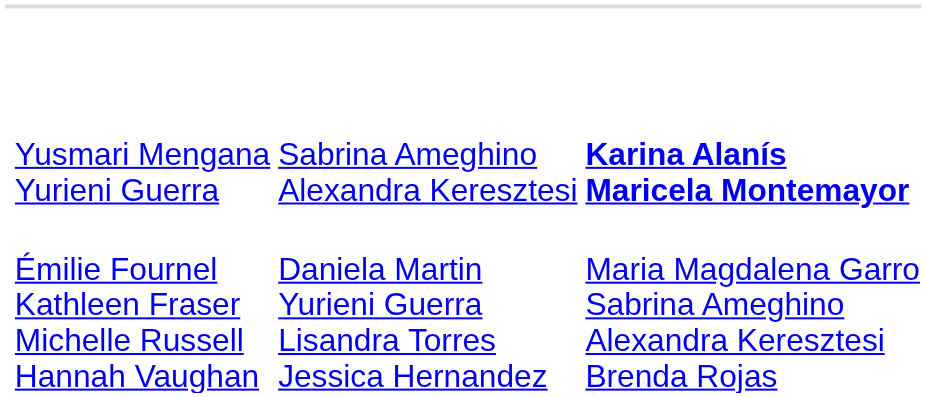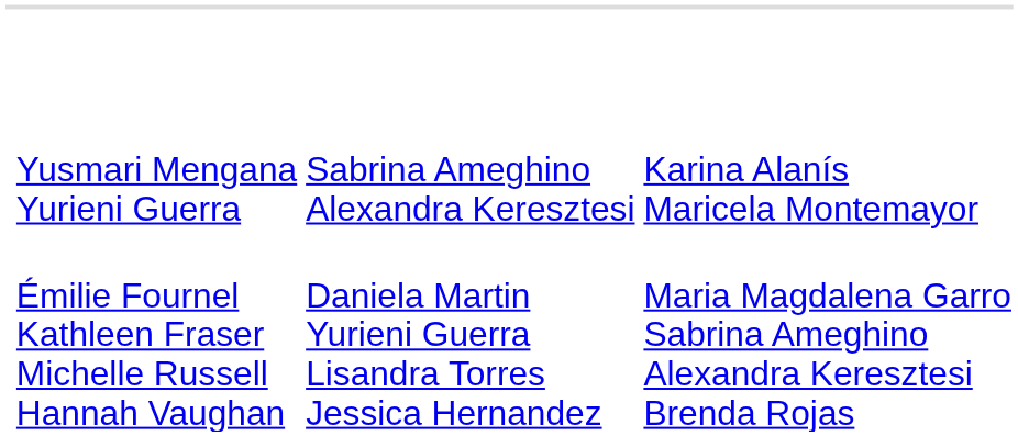 <table>
 <tr>
 <td><br></td>
 <td></td>
 <td></td>
 <td></td>
 </tr>
 <tr bgcolor=#DDDDDD>
 <td colspan=7></td>
 </tr>
 <tr>
 <td><br></td>
 <td></td>
 <td></td>
 <td></td>
 </tr>
 <tr>
 <td><br></td>
 <td></td>
 <td></td>
 <td></td>
 </tr>
 <tr>
 <td><br></td>
 <td><br><a href='#'>Yusmari Mengana</a><br><a href='#'>Yurieni Guerra</a></td>
 <td><br><a href='#'>Sabrina Ameghino</a><br><a href='#'>Alexandra Keresztesi</a></td>
-<td><strong><br><a href='#'>Karina Alanís</a><br><a href='#'>Maricela Montemayor</a></strong></td>
+<td><br><a href='#'>Karina Alanís</a><br><a href='#'>Maricela Montemayor</a></td>
 </tr>
 <tr>
 <td><br></td>
 <td><br><a href='#'>Émilie Fournel</a><br><a href='#'>Kathleen Fraser</a><br><a href='#'>Michelle Russell</a><br><a href='#'>Hannah Vaughan</a></td>
 <td><br><a href='#'>Daniela Martin</a><br><a href='#'>Yurieni Guerra</a><br><a href='#'>Lisandra Torres</a><br><a href='#'>Jessica Hernandez</a></td>
 <td><br><a href='#'>Maria Magdalena Garro</a><br><a href='#'>Sabrina Ameghino</a><br><a href='#'>Alexandra Keresztesi</a><br><a href='#'>Brenda Rojas</a></td>
 </tr>
 </table>
